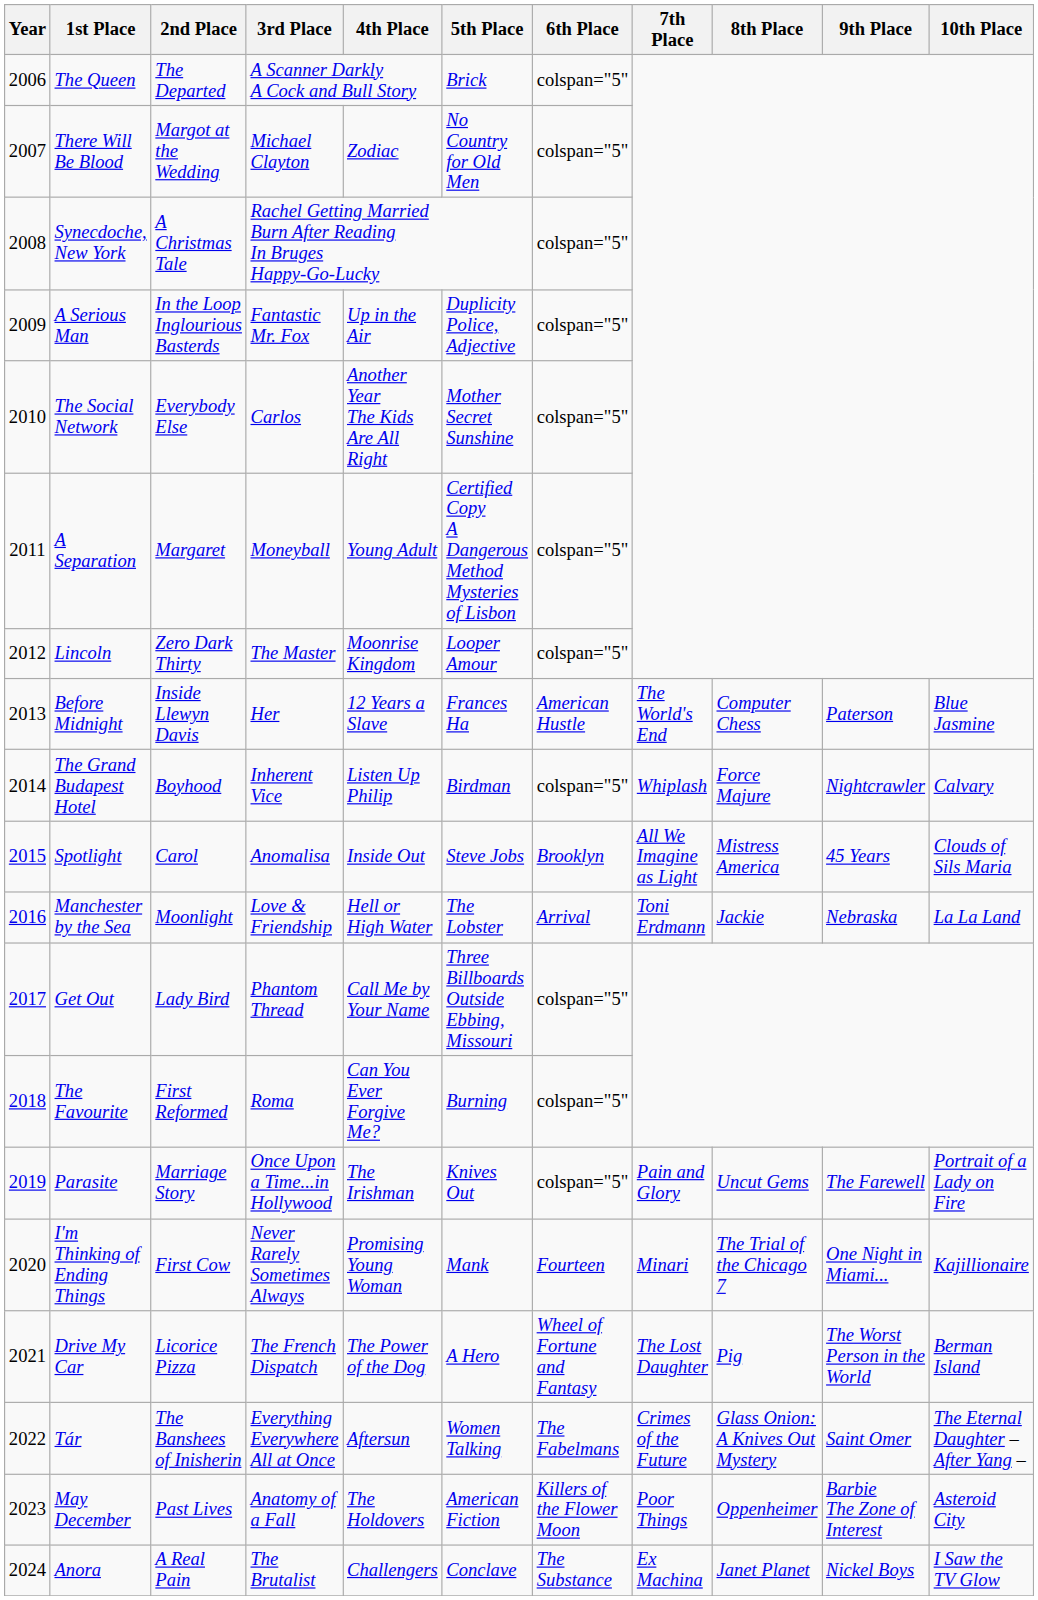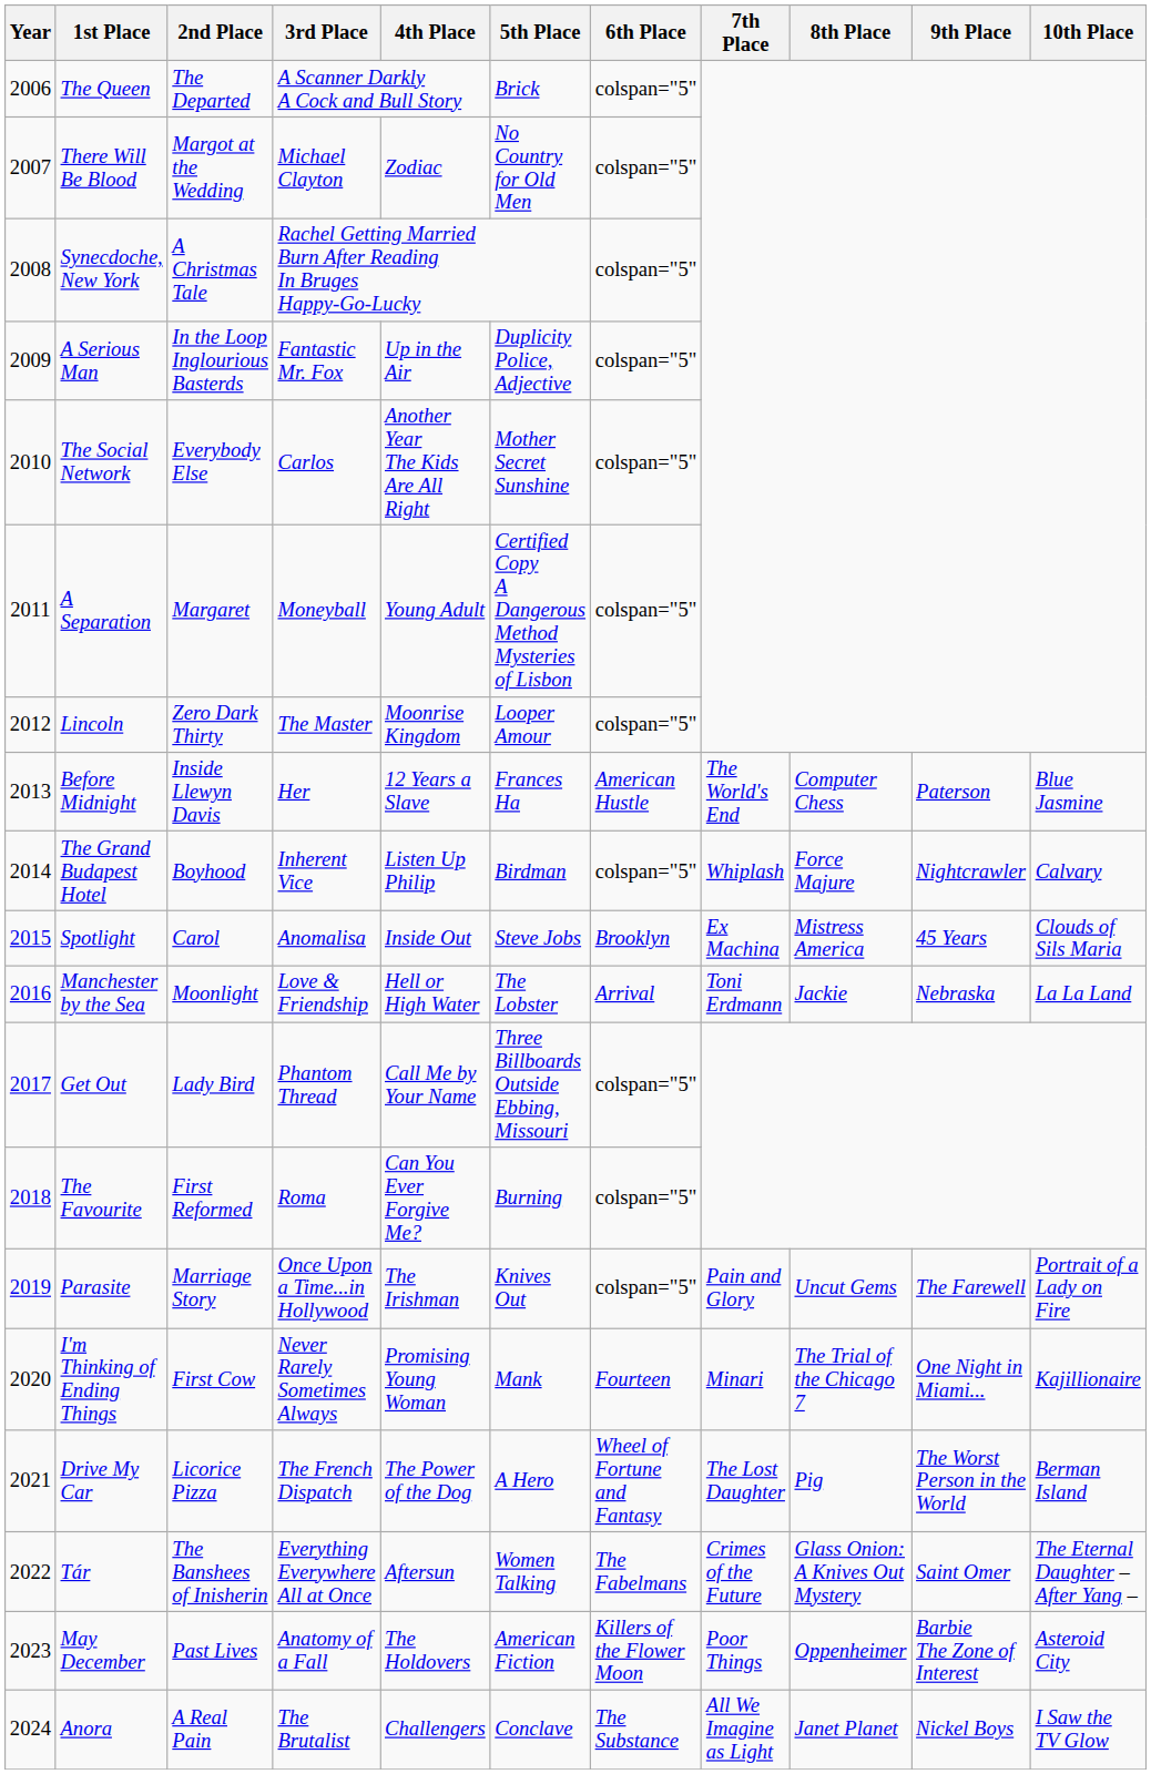 <table class="wikitable">
 <tr>
 <th scope="col" width="3%">Year</th>
 <th scope="col" width="9%">1st Place</th>
 <th scope="col" width="9%">2nd Place</th>
 <th scope="col" width="9%">3rd Place</th>
 <th scope="col" width="9%">4th Place</th>
 <th scope="col" width="9%">5th Place</th>
 <th scope="col" width="9%">6th Place</th>
 <th scope="col" width="9%">7th Place</th>
 <th scope="col" width="9%">8th Place</th>
 <th scope="col" width="9%">9th Place</th>
 <th scope="col" width="9%">10th Place</th>
 </tr>
 <tr>
 <td align="center">2006</td>
 <td><em><a href='#'>The Queen</a></em><br></td>
 <td><em><a href='#'>The Departed</a></em><br></td>
 <td colspan="2"><em><a href='#'>A Scanner Darkly</a></em> <br><em><a href='#'>A Cock and Bull Story</a></em> </td>
 <td><em><a href='#'>Brick</a></em><br></td>
 <td>colspan="5" </td>
 </tr>
 <tr>
 <td align="center">2007</td>
 <td><em><a href='#'>There Will Be Blood</a></em><br></td>
 <td><em><a href='#'>Margot at the Wedding</a></em><br></td>
 <td><em><a href='#'>Michael Clayton</a></em><br></td>
 <td><em><a href='#'>Zodiac</a></em><br></td>
 <td><em><a href='#'>No Country for Old Men</a></em><br></td>
 <td>colspan="5" </td>
 </tr>
 <tr>
 <td align="center">2008</td>
 <td><em><a href='#'>Synecdoche, New York</a></em><br></td>
 <td><em><a href='#'>A Christmas Tale</a></em><br></td>
 <td colspan="3"><em><a href='#'>Rachel Getting Married</a></em> <br><em><a href='#'>Burn After Reading</a></em> <br><em><a href='#'>In Bruges</a></em> <br><em><a href='#'>Happy-Go-Lucky</a></em> </td>
 <td>colspan="5" </td>
 </tr>
 <tr>
 <td align="center">2009</td>
 <td><em><a href='#'>A Serious Man</a></em><br></td>
 <td><em><a href='#'>In the Loop</a></em> <br><em><a href='#'>Inglourious Basterds</a></em> </td>
 <td><em><a href='#'>Fantastic Mr. Fox</a></em><br></td>
 <td><em><a href='#'>Up in the Air</a></em><br></td>
 <td><em><a href='#'>Duplicity</a></em> <br><em><a href='#'>Police, Adjective</a></em> </td>
 <td>colspan="5" </td>
 </tr>
 <tr>
 <td align="center">2010</td>
 <td><em><a href='#'>The Social Network</a></em><br></td>
 <td><em><a href='#'>Everybody Else</a></em><br></td>
 <td><em><a href='#'>Carlos</a></em><br></td>
 <td><em><a href='#'>Another Year</a></em> <br><em><a href='#'>The Kids Are All Right</a></em> </td>
 <td><em><a href='#'>Mother</a></em> <br><em><a href='#'>Secret Sunshine</a></em> </td>
 <td>colspan="5" </td>
 </tr>
 <tr>
 <td align="center">2011</td>
 <td><em><a href='#'>A Separation</a></em><br></td>
 <td><em><a href='#'>Margaret</a></em><br></td>
 <td><em><a href='#'>Moneyball</a></em><br></td>
 <td><em><a href='#'>Young Adult</a></em><br></td>
 <td><em><a href='#'>Certified Copy</a></em> <br><em><a href='#'>A Dangerous Method</a></em> <br><em><a href='#'>Mysteries of Lisbon</a></em> </td>
 <td>colspan="5" </td>
 </tr>
 <tr>
 <td align="center">2012</td>
 <td><em><a href='#'>Lincoln</a></em><br></td>
 <td><em><a href='#'>Zero Dark Thirty</a></em><br></td>
 <td><em><a href='#'>The Master</a></em><br></td>
 <td><em><a href='#'>Moonrise Kingdom</a></em><br></td>
 <td><em><a href='#'>Looper</a></em> <br><em><a href='#'>Amour</a></em> </td>
 <td>colspan="5" </td>
 </tr>
 <tr>
 <td align="center">2013</td>
 <td><em><a href='#'>Before Midnight</a></em><br></td>
 <td><em><a href='#'>Inside Llewyn Davis</a></em><br></td>
 <td><em><a href='#'>Her</a></em><br></td>
 <td><em><a href='#'>12 Years a Slave</a></em><br></td>
 <td><em><a href='#'>Frances Ha</a></em><br></td>
 <td><em><a href='#'>American Hustle</a></em><br></td>
 <td><em><a href='#'>The World's End</a></em><br></td>
 <td><em><a href='#'>Computer Chess</a></em> </td>
 <td><em><a href='#'>Paterson</a></em><br></td>
 <td><em><a href='#'>Blue Jasmine</a></em><br></td>
 </tr>
 <tr>
 <td align="center">2014</td>
 <td><em><a href='#'>The Grand Budapest Hotel</a></em><br></td>
 <td><em><a href='#'>Boyhood</a></em><br></td>
 <td><em><a href='#'>Inherent Vice</a></em><br></td>
 <td><em><a href='#'>Listen Up Philip</a></em><br></td>
 <td><em><a href='#'>Birdman</a></em><br></td>
 <td>colspan="5" </td>
 <td><em><a href='#'>Whiplash</a></em><br></td>
 <td><em><a href='#'>Force Majure</a></em><br></td>
 <td><em><a href='#'>Nightcrawler</a></em><br></td>
 <td><em><a href='#'>Calvary</a></em><br></td>
 </tr>
 <tr>
 <td align="center"><a href='#'>2015</a></td>
 <td><em><a href='#'>Spotlight</a></em><br></td>
 <td><em><a href='#'>Carol</a></em><br></td>
 <td><em><a href='#'>Anomalisa</a></em><br></td>
 <td><em><a href='#'>Inside Out</a></em><br></td>
 <td><em><a href='#'>Steve Jobs</a></em><br></td>
 <td><em><a href='#'>Brooklyn</a></em><br></td>
-<td><em><a href='#'>All We Imagine as Light</a></em><br></td>
+<td><em><a href='#'>Ex Machina</a></em><br></td>
 <td><em><a href='#'>Mistress America</a></em><br></td>
 <td><em><a href='#'>45 Years</a></em><br></td>
 <td><em><a href='#'>Clouds of Sils Maria</a></em><br></td>
 </tr>
 <tr>
 <td align="center"><a href='#'>2016</a></td>
 <td><em><a href='#'>Manchester by the Sea</a></em><br></td>
 <td><em><a href='#'>Moonlight</a></em><br></td>
 <td><em><a href='#'>Love & Friendship</a></em><br></td>
 <td><em><a href='#'>Hell or High Water</a></em><br></td>
 <td><em><a href='#'>The Lobster</a></em><br></td>
 <td><em><a href='#'>Arrival</a></em><br></td>
 <td><em><a href='#'>Toni Erdmann</a></em><br></td>
 <td><em><a href='#'>Jackie</a></em><br></td>
 <td><em><a href='#'>Nebraska</a></em><br></td>
 <td><em><a href='#'>La La Land</a></em><br></td>
 </tr>
 <tr>
 <td align="center"><a href='#'>2017</a></td>
 <td><em><a href='#'>Get Out</a></em><br></td>
 <td><em><a href='#'>Lady Bird</a></em><br></td>
 <td><em><a href='#'>Phantom Thread</a></em><br></td>
 <td><em><a href='#'>Call Me by Your Name</a></em><br></td>
 <td><em><a href='#'>Three Billboards Outside Ebbing, Missouri</a></em><br></td>
 <td>colspan="5" </td>
 </tr>
 <tr>
 <td align="center"><a href='#'>2018</a></td>
 <td><em><a href='#'>The Favourite</a></em><br></td>
 <td><em><a href='#'>First Reformed</a></em><br></td>
 <td><em><a href='#'>Roma</a></em><br></td>
 <td><em><a href='#'>Can You Ever Forgive Me?</a></em><br></td>
 <td><em><a href='#'>Burning</a></em><br></td>
 <td>colspan="5" </td>
 </tr>
 <tr>
 <td align="center"><a href='#'>2019</a></td>
 <td><em><a href='#'>Parasite</a></em><br></td>
 <td><em><a href='#'>Marriage Story</a></em><br></td>
 <td><em><a href='#'>Once Upon a Time...in Hollywood</a></em><br></td>
 <td><em><a href='#'>The Irishman</a></em><br></td>
 <td><em><a href='#'>Knives Out</a></em><br></td>
 <td>colspan="5" </td>
 <td><em><a href='#'>Pain and Glory</a></em><br></td>
 <td><em><a href='#'>Uncut Gems</a></em><br></td>
 <td><em><a href='#'>The Farewell</a></em><br></td>
 <td><em><a href='#'>Portrait of a Lady on Fire</a></em><br></td>
 </tr>
 <tr>
 <td align="center">2020</td>
 <td><em><a href='#'>I'm Thinking of Ending Things</a></em><br></td>
 <td><em><a href='#'>First Cow</a></em><br></td>
 <td><em><a href='#'>Never Rarely Sometimes Always</a></em><br></td>
 <td><em><a href='#'>Promising Young Woman</a></em><br></td>
 <td><em><a href='#'>Mank</a></em><br></td>
 <td><em><a href='#'>Fourteen</a></em><br></td>
 <td><em><a href='#'>Minari</a></em><br></td>
 <td><em><a href='#'>The Trial of the Chicago 7</a></em><br></td>
 <td><em><a href='#'>One Night in Miami...</a></em><br></td>
 <td><em><a href='#'>Kajillionaire</a></em><br></td>
 </tr>
 <tr>
 <td align="center">2021</td>
 <td><em><a href='#'>Drive My Car</a></em><br></td>
 <td><em><a href='#'>Licorice Pizza</a></em><br></td>
 <td><em><a href='#'>The French Dispatch</a></em><br></td>
 <td><em><a href='#'>The Power of the Dog</a></em><br></td>
 <td><em><a href='#'>A Hero</a></em><br></td>
 <td><em><a href='#'>Wheel of Fortune and Fantasy</a></em><br></td>
 <td><em><a href='#'>The Lost Daughter</a></em><br></td>
 <td><em><a href='#'>Pig</a></em><br></td>
 <td><em><a href='#'>The Worst Person in the World</a></em><br></td>
 <td><em><a href='#'>Berman Island</a></em><br></td>
 </tr>
 <tr>
 <td align="center">2022</td>
 <td><em><a href='#'>Tár</a></em><br></td>
 <td><em><a href='#'>The Banshees of Inisherin</a></em><br></td>
 <td><em><a href='#'>Everything Everywhere All at Once</a></em><br></td>
 <td><em><a href='#'>Aftersun</a></em><br></td>
 <td><em><a href='#'>Women Talking</a></em><br></td>
 <td><em><a href='#'>The Fabelmans</a></em><br></td>
 <td><em><a href='#'>Crimes of the Future</a></em><br></td>
 <td><em><a href='#'>Glass Onion: A Knives Out Mystery</a></em><br></td>
 <td><em><a href='#'>Saint Omer</a></em><br></td>
 <td><em><a href='#'>The Eternal Daughter</a></em> – <br><em><a href='#'>After Yang</a></em> – </td>
 </tr>
 <tr>
 <td align="center">2023</td>
 <td><em><a href='#'>May December</a></em><br></td>
 <td><em><a href='#'>Past Lives</a></em><br></td>
 <td><em><a href='#'>Anatomy of a Fall</a></em><br></td>
 <td><em><a href='#'>The Holdovers</a></em><br></td>
 <td><em><a href='#'>American Fiction</a></em><br></td>
 <td><em><a href='#'>Killers of the Flower Moon</a></em><br></td>
 <td><em><a href='#'>Poor Things</a></em><br></td>
 <td><em><a href='#'>Oppenheimer</a></em><br></td>
 <td><em><a href='#'>Barbie</a></em> <br><em><a href='#'>The Zone of Interest</a></em> </td>
 <td><em><a href='#'>Asteroid City</a></em><br></td>
 </tr>
 <tr>
 <td align="center">2024</td>
 <td><em><a href='#'>Anora</a></em><br></td>
 <td><em><a href='#'>A Real Pain</a></em><br></td>
 <td><em><a href='#'>The Brutalist</a></em><br></td>
 <td><em><a href='#'>Challengers</a></em><br></td>
 <td><em><a href='#'>Conclave</a></em><br></td>
 <td><em><a href='#'>The Substance</a></em><br></td>
-<td><em><a href='#'>Ex Machina</a></em><br></td>
+<td><em><a href='#'>All We Imagine as Light</a></em><br></td>
 <td><em><a href='#'>Janet Planet</a></em><br></td>
 <td><em><a href='#'>Nickel Boys</a></em><br></td>
 <td><em><a href='#'>I Saw the TV Glow</a></em><br></td>
 </tr>
 <tr>
 </tr>
 </table>
